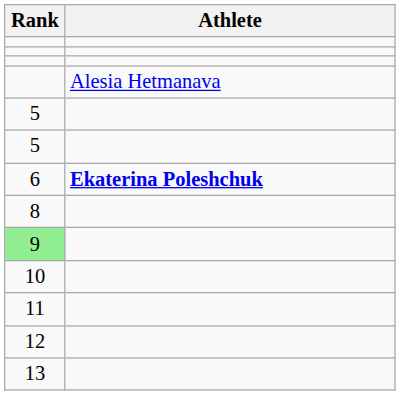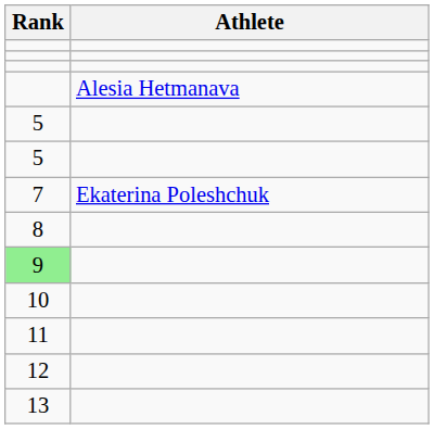 <table class="wikitable" style="text-align: center;">
 <tr>
 <th width=40>Rank</th>
 <th width=250>Athlete</th>
 </tr>
 <tr>
 <td></td>
 <td align="left"></td>
 </tr>
 <tr>
 <td></td>
 <td align="left"></td>
 </tr>
 <tr>
 <td></td>
 <td align="left"></td>
 </tr>
 <tr>
 <td></td>
 <td align="left"> <a href='#'>Alesia Hetmanava</a> </td>
 </tr>
 <tr>
 <td>5</td>
 <td align="left"></td>
 </tr>
 <tr>
 <td>5</td>
 <td align="left"></td>
 </tr>
 <tr>
-<td>6</td>
-<td align="left"><strong> <a href='#'>Ekaterina Poleshchuk</a> </strong></td>
+<td>7</td>
+<td align="left"> <a href='#'>Ekaterina Poleshchuk</a> </td>
 </tr>
 <tr>
 <td>8</td>
 <td align="left"></td>
 </tr>
 <tr>
 <td style="background: lightgreen;">9</td>
 <td align="left"></td>
 </tr>
 <tr>
 <td>10</td>
 <td align="left"></td>
 </tr>
 <tr>
 <td>11</td>
 <td align="left"></td>
 </tr>
 <tr>
 <td>12</td>
 <td align="left"></td>
 </tr>
 <tr>
 <td>13</td>
 <td align="left"></td>
 </tr>
 </table>
